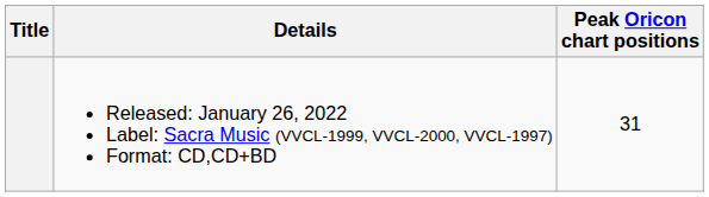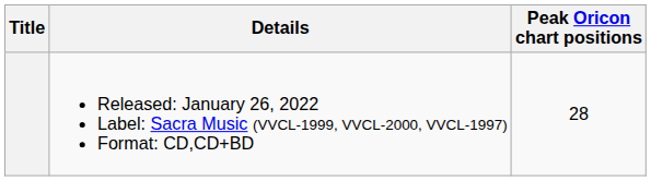 <table class="wikitable plainrowheaders" border="1">
 <tr>
 <th scope="col">Title</th>
 <th scope="col">Details</th>
 <th colspan="1">Peak <a href='#'>Oricon</a><br> chart positions</th>
 </tr>
 <tr>
 <th scope="row"></th>
 <td><br><ul><li>Released: January 26, 2022</li><li>Label: <a href='#'>Sacra Music</a> <small>(VVCL-1999, VVCL-2000, VVCL-1997)</small></li><li>Format: CD,CD+BD</li></ul></td>
-<td align="center">31</td>
+<td align="center">28</td>
 </tr>
 </table>
